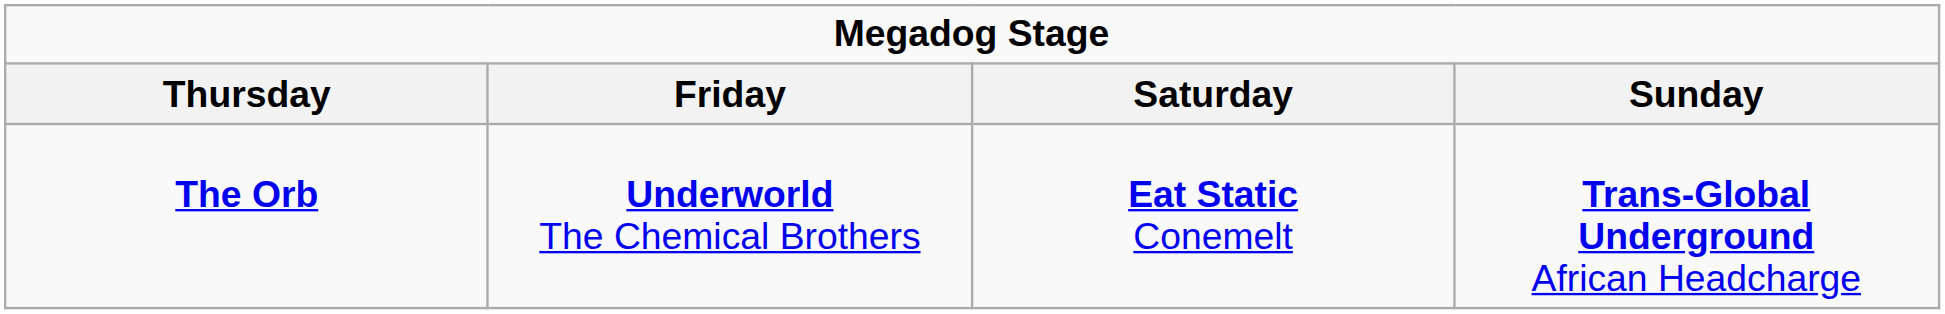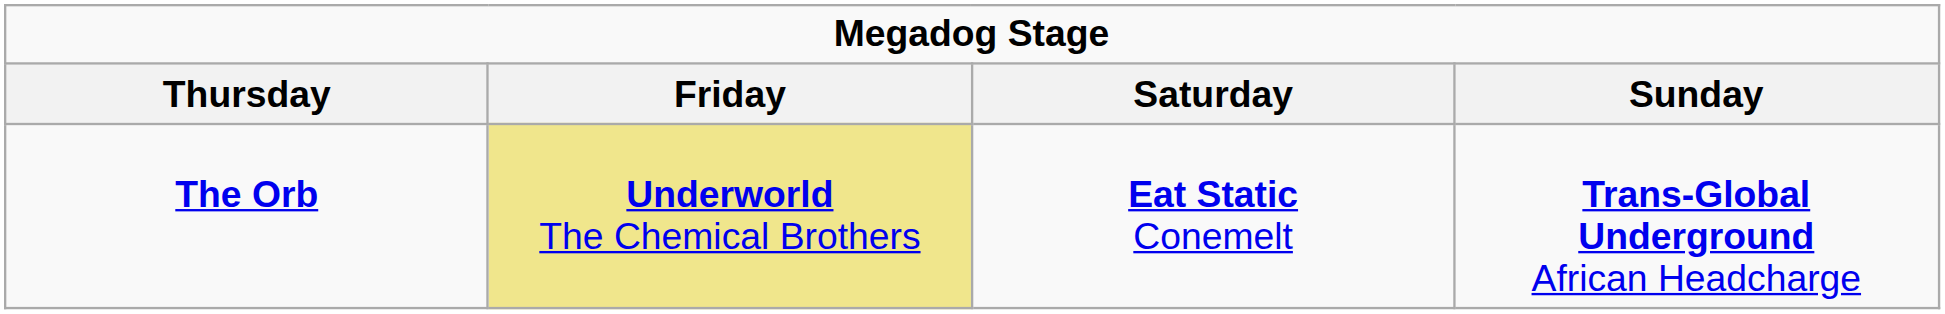 <table class="wikitable">
 <tr>
 <td colspan="4" style="text-align:center;"><strong>Megadog Stage</strong></td>
 </tr>
 <tr>
 <th>Thursday</th>
 <th>Friday</th>
 <th>Saturday</th>
 <th>Sunday</th>
 </tr>
 <tr>
 <td style="text-align:center; vertical-align:top; width:200px;"><br><strong><a href='#'>The Orb</a></strong></td>
-<td style="text-align:center; vertical-align:top; width:200px;"><br><strong><a href='#'>Underworld</a></strong><br> <a href='#'>The Chemical Brothers</a></td>
+<td style="background: khaki; text-align:center; vertical-align:top; width:200px;"><br><strong><a href='#'>Underworld</a></strong><br> <a href='#'>The Chemical Brothers</a></td>
 <td style="text-align:center; vertical-align:top; width:200px;"><br><strong><a href='#'>Eat Static</a></strong><br> <a href='#'>Conemelt</a></td>
 <td style="text-align:center; vertical-align:top; width:200px;"><br><strong><a href='#'>Trans-Global Underground</a></strong><br> <a href='#'>African Headcharge</a></td>
 </tr>
 </table>
